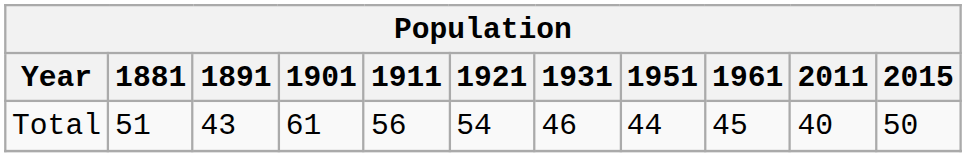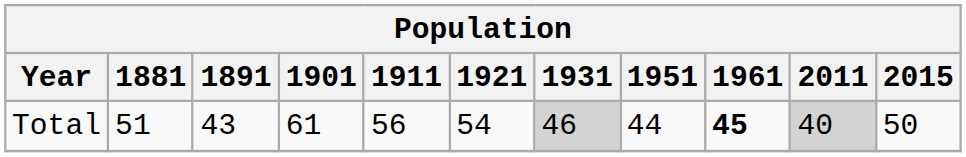 <table class="wikitable" style="margin: 1em auto 1em auto;">
 <tr>
 <th colspan="11">Population</th>
 </tr>
 <tr>
 <th>Year</th>
 <th>1881</th>
 <th>1891</th>
 <th>1901</th>
 <th>1911</th>
 <th>1921</th>
 <th>1931</th>
 <th>1951</th>
 <th>1961</th>
 <th>2011</th>
 <th>2015</th>
 </tr>
 <tr>
 <td>Total</td>
 <td>51</td>
 <td>43</td>
 <td>61</td>
 <td>56</td>
 <td>54</td>
-<td>46</td>
+<td style="background: lightgrey;">46</td>
 <td>44</td>
-<td>45</td>
-<td>40</td>
+<td><strong>45</strong></td>
+<td style="background: lightgrey;">40</td>
 <td>50</td>
 </tr>
 <tr>
 </tr>
 </table>
